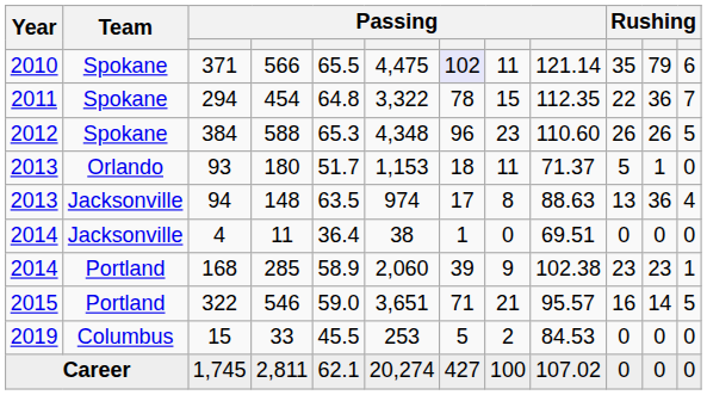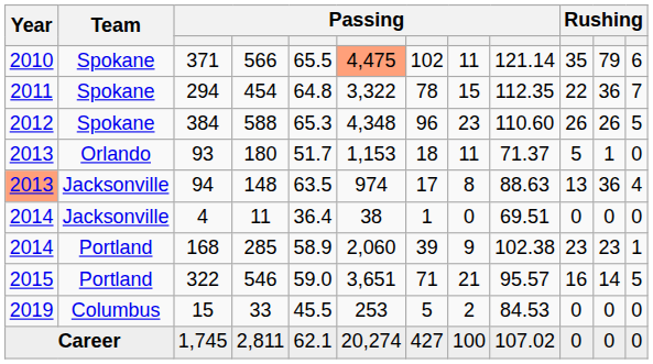 <table class="wikitable sortable" style="text-align:center">
 <tr>
 <th rowspan=2>Year</th>
 <th rowspan=2>Team</th>
 <th colspan=7>Passing</th>
 <th colspan=3>Rushing</th>
 </tr>
 <tr>
 <th></th>
 <th></th>
 <th></th>
 <th></th>
 <th></th>
 <th></th>
 <th></th>
 <th></th>
 <th></th>
 <th></th>
 </tr>
 <tr>
 <td><a href='#'>2010</a></td>
 <td><a href='#'>Spokane</a></td>
 <td>371</td>
 <td>566</td>
 <td>65.5</td>
-<td>4,475</td>
-<td style="background: lavender;">102</td>
+<td style="background: lightsalmon;">4,475</td>
+<td>102</td>
 <td>11</td>
 <td>121.14</td>
 <td>35</td>
 <td>79</td>
 <td>6</td>
 </tr>
 <tr>
 <td><a href='#'>2011</a></td>
 <td><a href='#'>Spokane</a></td>
 <td>294</td>
 <td>454</td>
 <td>64.8</td>
 <td>3,322</td>
 <td>78</td>
 <td>15</td>
 <td>112.35</td>
 <td>22</td>
 <td>36</td>
 <td>7</td>
 </tr>
 <tr>
 <td><a href='#'>2012</a></td>
 <td><a href='#'>Spokane</a></td>
 <td>384</td>
 <td>588</td>
 <td>65.3</td>
 <td>4,348</td>
 <td>96</td>
 <td>23</td>
 <td>110.60</td>
 <td>26</td>
 <td>26</td>
 <td>5</td>
 </tr>
 <tr>
 <td><a href='#'>2013</a></td>
 <td><a href='#'>Orlando</a></td>
 <td>93</td>
 <td>180</td>
 <td>51.7</td>
 <td>1,153</td>
 <td>18</td>
 <td>11</td>
 <td>71.37</td>
 <td>5</td>
 <td>1</td>
 <td>0</td>
 </tr>
 <tr>
-<td><a href='#'>2013</a></td>
+<td style="background: lightsalmon;"><a href='#'>2013</a></td>
 <td><a href='#'>Jacksonville</a></td>
 <td>94</td>
 <td>148</td>
 <td>63.5</td>
 <td>974</td>
 <td>17</td>
 <td>8</td>
 <td>88.63</td>
 <td>13</td>
 <td>36</td>
 <td>4</td>
 </tr>
 <tr>
 <td><a href='#'>2014</a></td>
 <td><a href='#'>Jacksonville</a></td>
 <td>4</td>
 <td>11</td>
 <td>36.4</td>
 <td>38</td>
 <td>1</td>
 <td>0</td>
 <td>69.51</td>
 <td>0</td>
 <td>0</td>
 <td>0</td>
 </tr>
 <tr>
 <td><a href='#'>2014</a></td>
 <td><a href='#'>Portland</a></td>
 <td>168</td>
 <td>285</td>
 <td>58.9</td>
 <td>2,060</td>
 <td>39</td>
 <td>9</td>
 <td>102.38</td>
 <td>23</td>
 <td>23</td>
 <td>1</td>
 </tr>
 <tr>
 <td><a href='#'>2015</a></td>
 <td><a href='#'>Portland</a></td>
 <td>322</td>
 <td>546</td>
 <td>59.0</td>
 <td>3,651</td>
 <td>71</td>
 <td>21</td>
 <td>95.57</td>
 <td>16</td>
 <td>14</td>
 <td>5</td>
 </tr>
 <tr>
 <td><a href='#'>2019</a></td>
 <td><a href='#'>Columbus</a></td>
 <td>15</td>
 <td>33</td>
 <td>45.5</td>
 <td>253</td>
 <td>5</td>
 <td>2</td>
 <td>84.53</td>
 <td>0</td>
 <td>0</td>
 <td>0</td>
 </tr>
 <tr class="sortbottom" style="background:#eee;">
 <td colspan=2><strong>Career</strong></td>
 <td>1,745</td>
 <td>2,811</td>
 <td>62.1</td>
 <td>20,274</td>
 <td>427</td>
 <td>100</td>
 <td>107.02</td>
 <td>0</td>
 <td>0</td>
 <td>0</td>
 </tr>
 </table>
